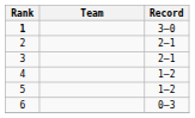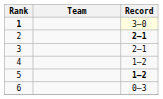 <table class="wikitable sortable" style="text-align:center" cellpadding=2 cellspacing=2 width =20%>
 <tr>
 <th style="width:3em">Rank</th>
 <th style="width:10em">Team</th>
 <th style="width:4em">Record</th>
 </tr>
 <tr>
 <td><strong>1</strong></td>
 <td><strong><a href='#'></a></strong></td>
-<td>3–0</td>
+<td style="background: lightyellow;">3–0</td>
 </tr>
 <tr>
 <td>2</td>
 <td><strong><a href='#'></a></strong></td>
-<td>2–1</td>
+<td><strong>2–1</strong></td>
 </tr>
 <tr>
 <td>3</td>
 <td><strong><a href='#'></a></strong></td>
 <td>2–1</td>
 </tr>
 <tr>
 <td>4</td>
 <td><strong><a href='#'></a></strong></td>
 <td>1–2</td>
 </tr>
 <tr>
 <td>5</td>
 <td><strong><a href='#'></a></strong></td>
-<td>1–2</td>
+<td><strong>1–2</strong></td>
 </tr>
 <tr>
 <td>6</td>
 <td><strong><a href='#'></a></strong></td>
 <td>0–3</td>
 </tr>
 <tr>
 </tr>
 </table>
